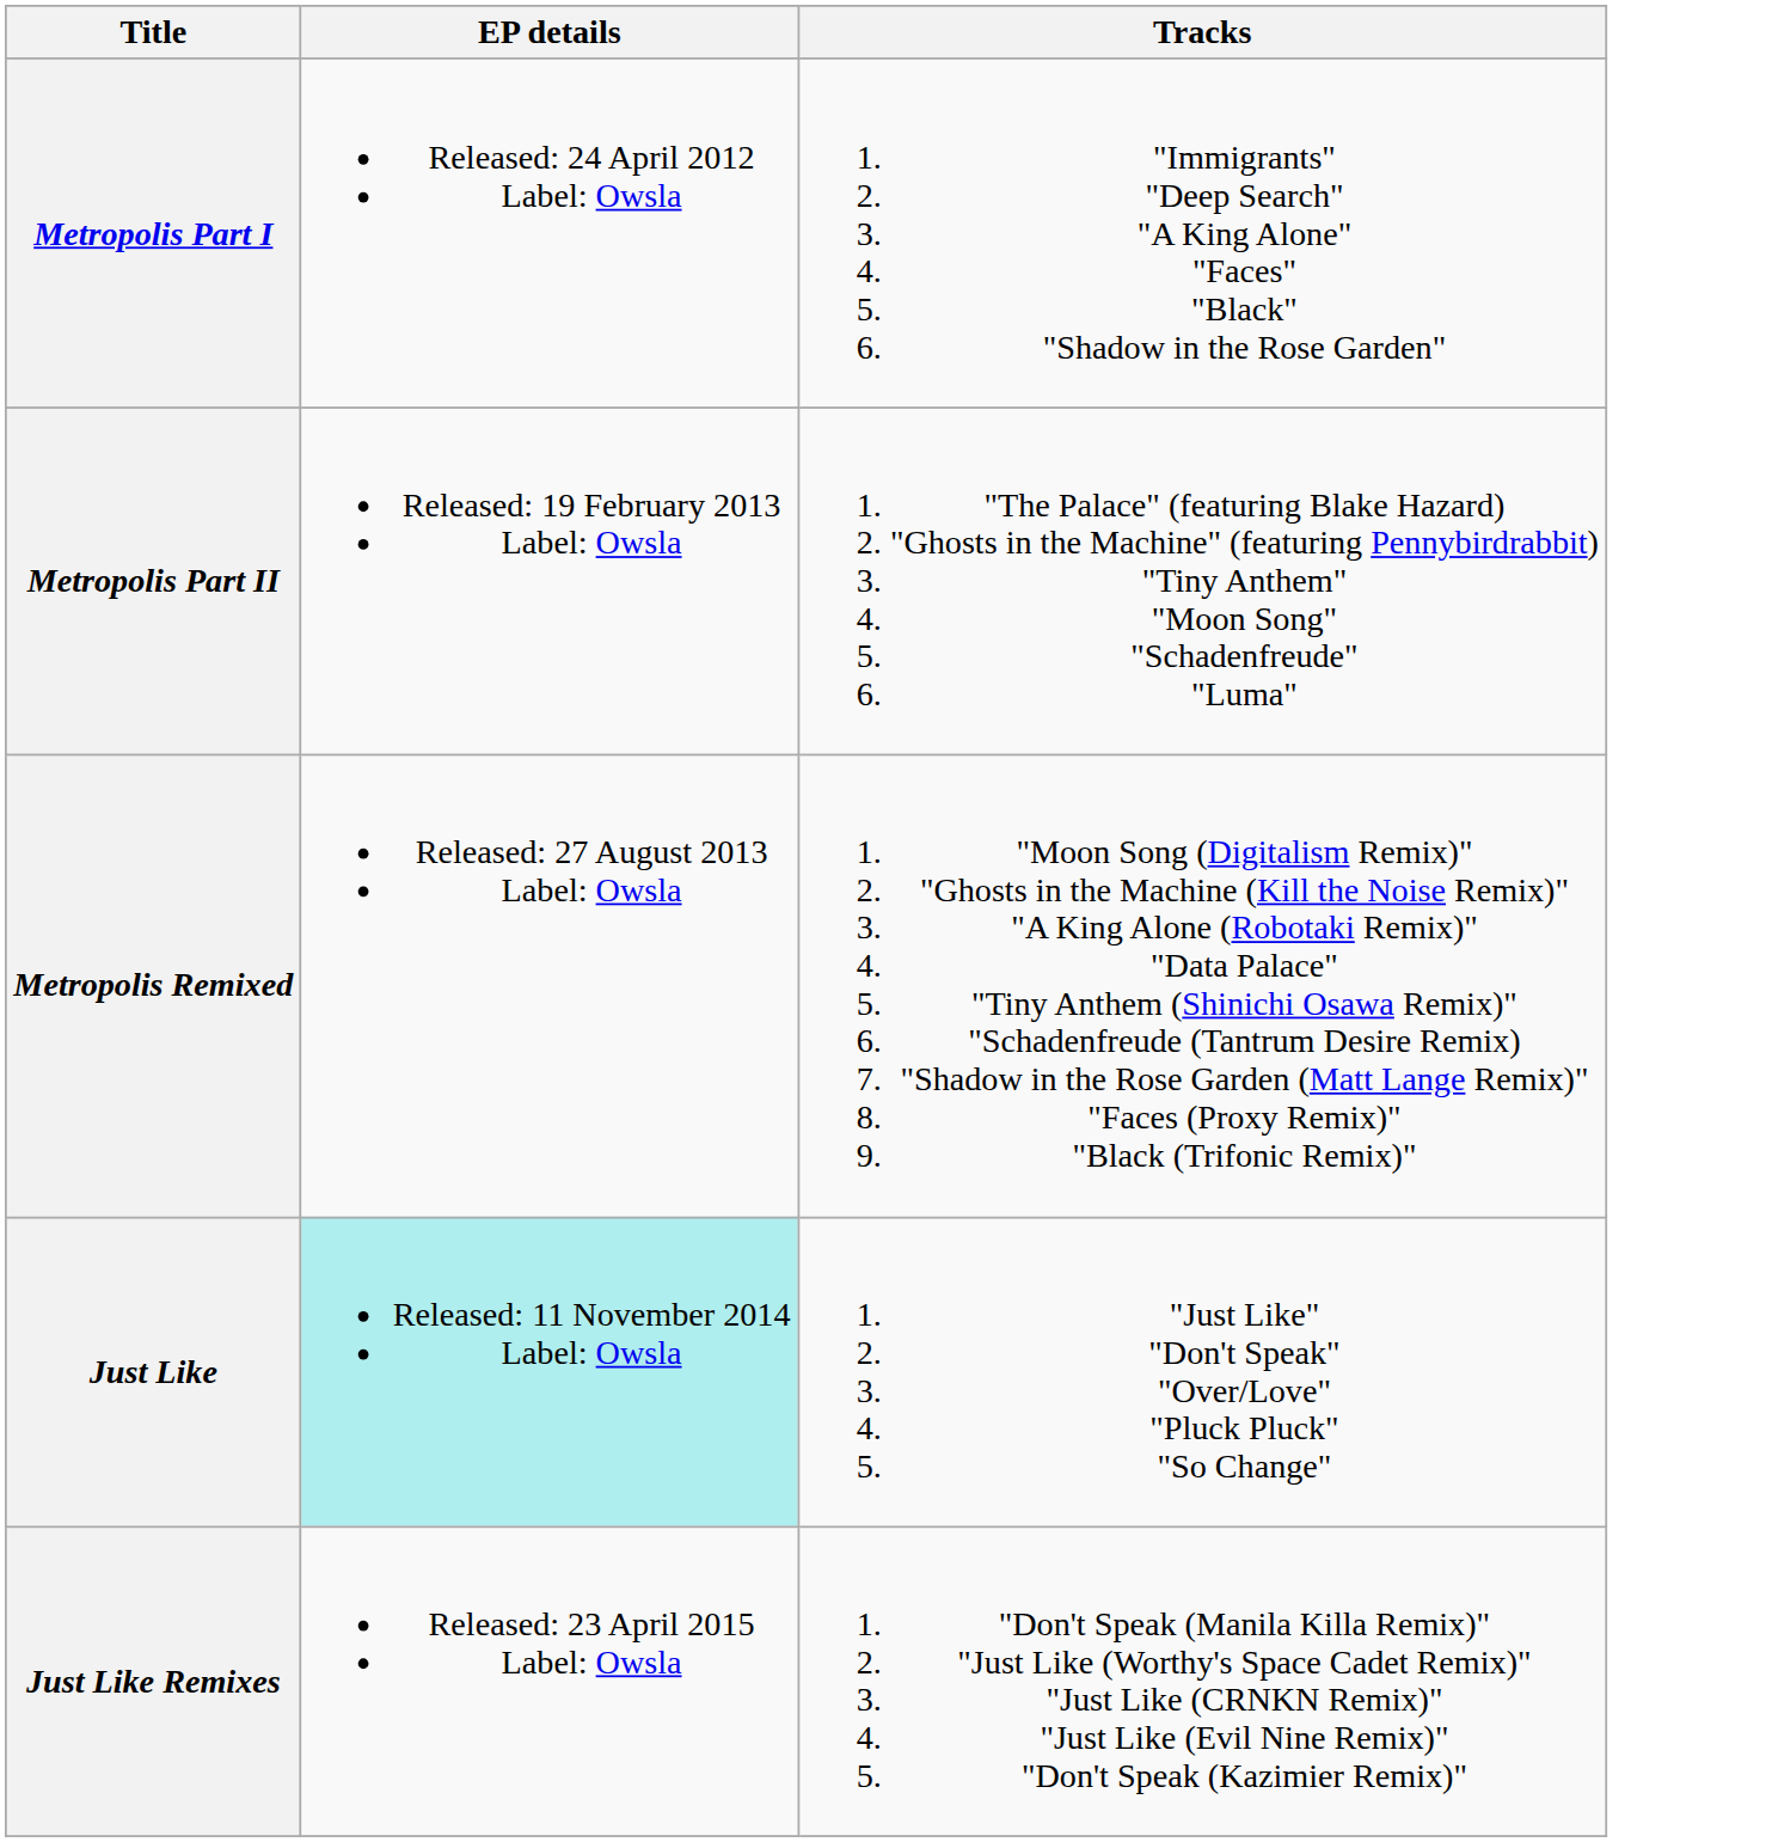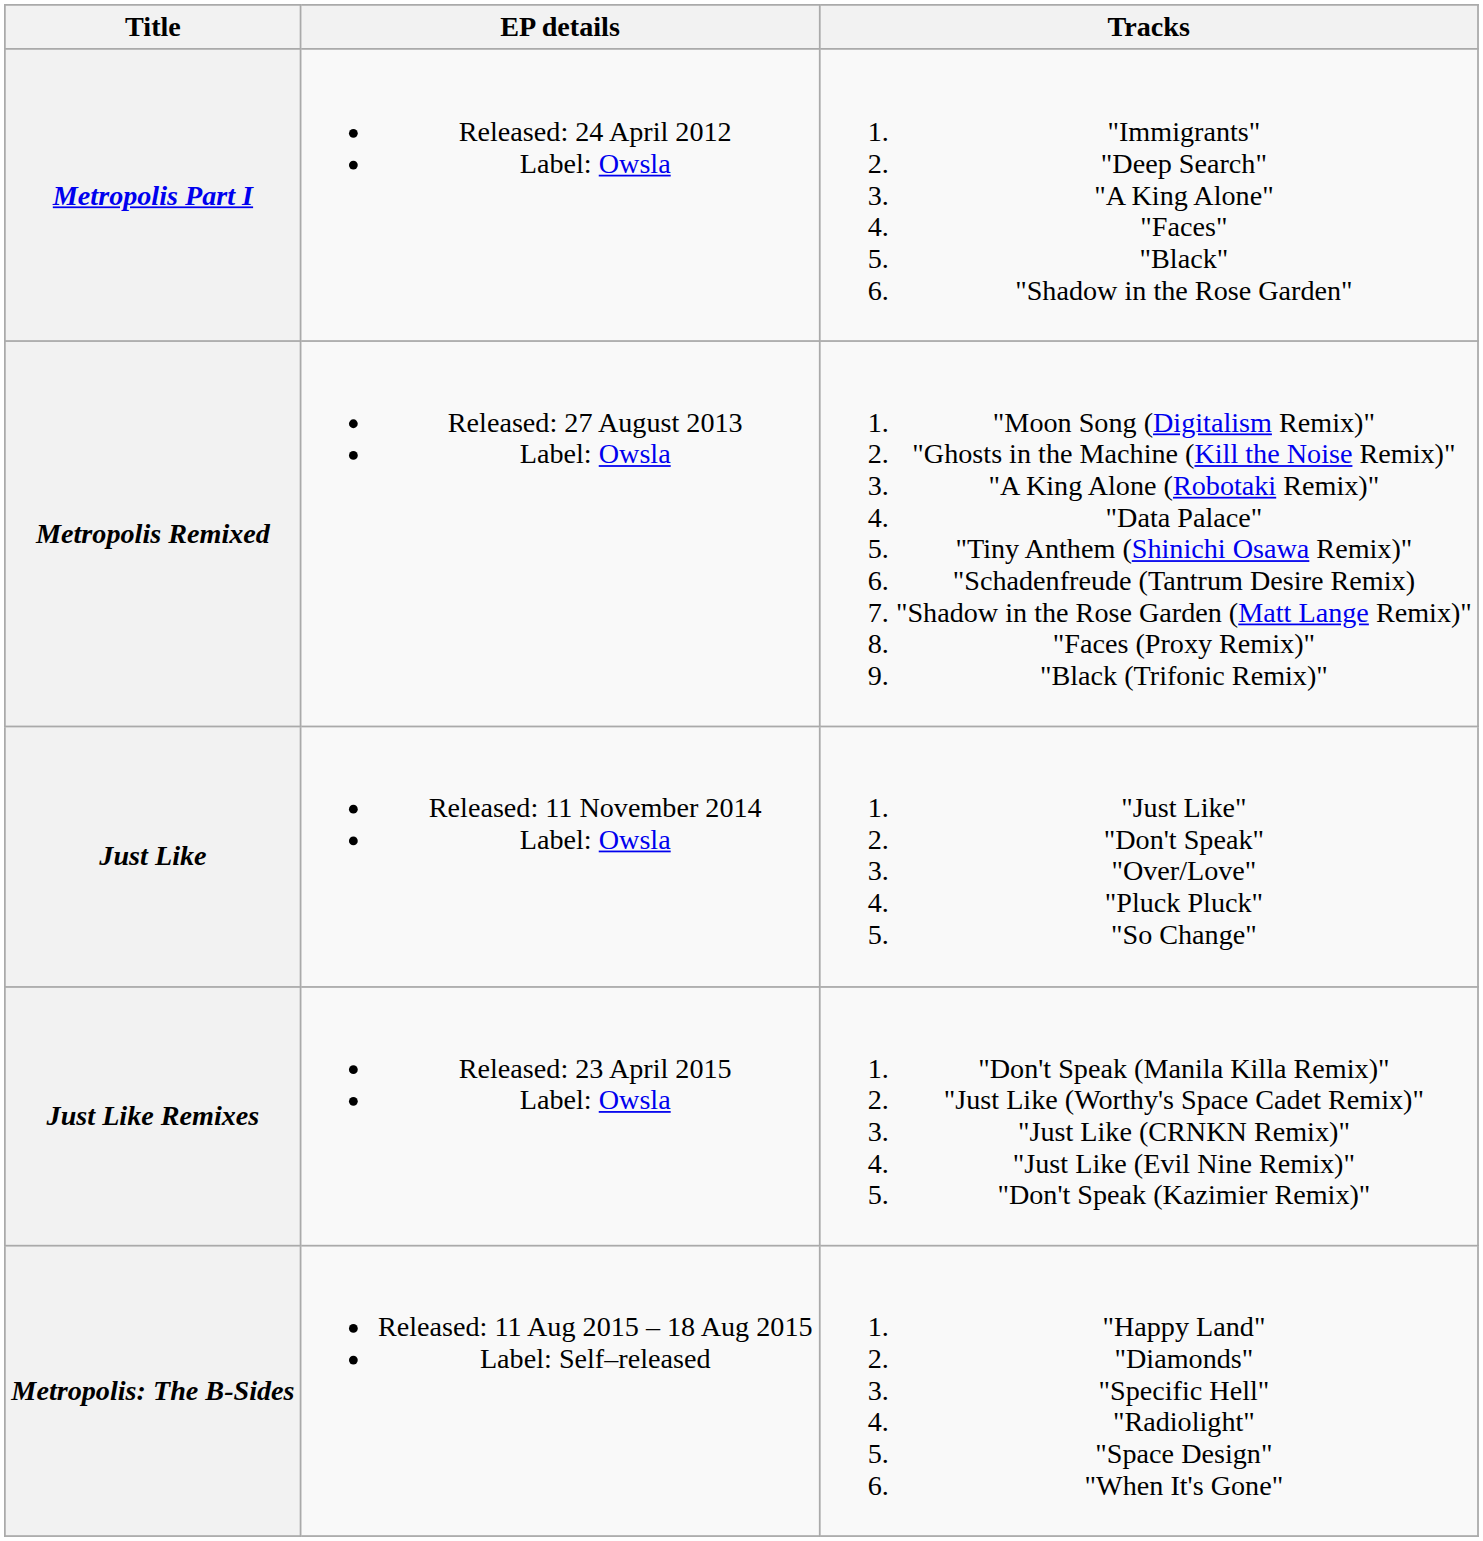 <table class="wikitable plainrowheaders" style="text-align:center;">
 <tr>
 <th scope="col">Title</th>
 <th scope="col">EP details</th>
 <th scope="col">Tracks</th>
 </tr>
 <tr>
 <th scope="row"><em><a href='#'>Metropolis Part I</a></em></th>
 <td valign="top"><br><ul><li>Released: 24 April 2012</li><li>Label: <a href='#'>Owsla</a></li></ul></td>
 <td valign="top"><br><ol><li>"Immigrants"</li><li>"Deep Search"</li><li>"A King Alone"</li><li>"Faces"</li><li>"Black"</li><li>"Shadow in the Rose Garden"</li></ol></td>
 </tr>
 <tr>
-<th scope="row"><em>Metropolis Part II</em></th>
-<td valign="top"><br><ul><li>Released: 19 February 2013</li><li>Label: <a href='#'>Owsla</a></li></ul></td>
-<td valign="top"><br><ol><li>"The Palace" (featuring Blake Hazard)</li><li>"Ghosts in the Machine" (featuring <a href='#'>Pennybirdrabbit</a>)</li><li>"Tiny Anthem"</li><li>"Moon Song"</li><li>"Schadenfreude"</li><li>"Luma"</li></ol></td>
-</tr>
-<tr>
 <th scope="row"><em>Metropolis Remixed </em></th>
 <td valign="top"><br><ul><li>Released: 27 August 2013</li><li>Label: <a href='#'>Owsla</a></li></ul></td>
 <td valign="top"><br><ol><li>"Moon Song (<a href='#'>Digitalism</a> Remix)"</li><li>"Ghosts in the Machine (<a href='#'>Kill the Noise</a> Remix)"</li><li>"A King Alone (<a href='#'>Robotaki</a> Remix)"</li><li>"Data Palace"</li><li>"Tiny Anthem (<a href='#'>Shinichi Osawa</a> Remix)"</li><li>"Schadenfreude (Tantrum Desire Remix)</li><li>"Shadow in the Rose Garden (<a href='#'>Matt Lange</a> Remix)"</li><li>"Faces (Proxy Remix)"</li><li>"Black (Trifonic Remix)"</li></ol></td>
 </tr>
 <tr>
 <th scope="row"><em>Just Like </em></th>
-<td valign="top" style="background: paleturquoise;"><br><ul><li>Released: 11 November 2014</li><li>Label: <a href='#'>Owsla</a></li></ul></td>
+<td valign="top"><br><ul><li>Released: 11 November 2014</li><li>Label: <a href='#'>Owsla</a></li></ul></td>
 <td valign="top"><br><ol><li>"Just Like"</li><li>"Don't Speak"</li><li>"Over/Love"</li><li>"Pluck Pluck"</li><li>"So Change"</li></ol></td>
 </tr>
 <tr>
 <th scope="row"><em>Just Like Remixes </em></th>
 <td valign="top"><br><ul><li>Released: 23 April 2015</li><li>Label: <a href='#'>Owsla</a></li></ul></td>
 <td valign="top"><br><ol><li>"Don't Speak (Manila Killa Remix)"</li><li>"Just Like (Worthy's Space Cadet Remix)"</li><li>"Just Like (CRNKN Remix)"</li><li>"Just Like (Evil Nine Remix)"</li><li>"Don't Speak (Kazimier Remix)"</li></ol></td>
 </tr>
+<tr>
+<th scope="row"><em>Metropolis: The B-Sides </em></th>
+<td valign="top"><br><ul><li>Released: 11 Aug 2015 – 18 Aug 2015</li><li>Label: Self–released</li></ul></td>
+<td valign="top"><br><ol><li>"Happy Land"</li><li>"Diamonds"</li><li>"Specific Hell"</li><li>"Radiolight"</li><li>"Space Design"</li><li>"When It's Gone"</li></ol></td>
+</tr>
 </table>
